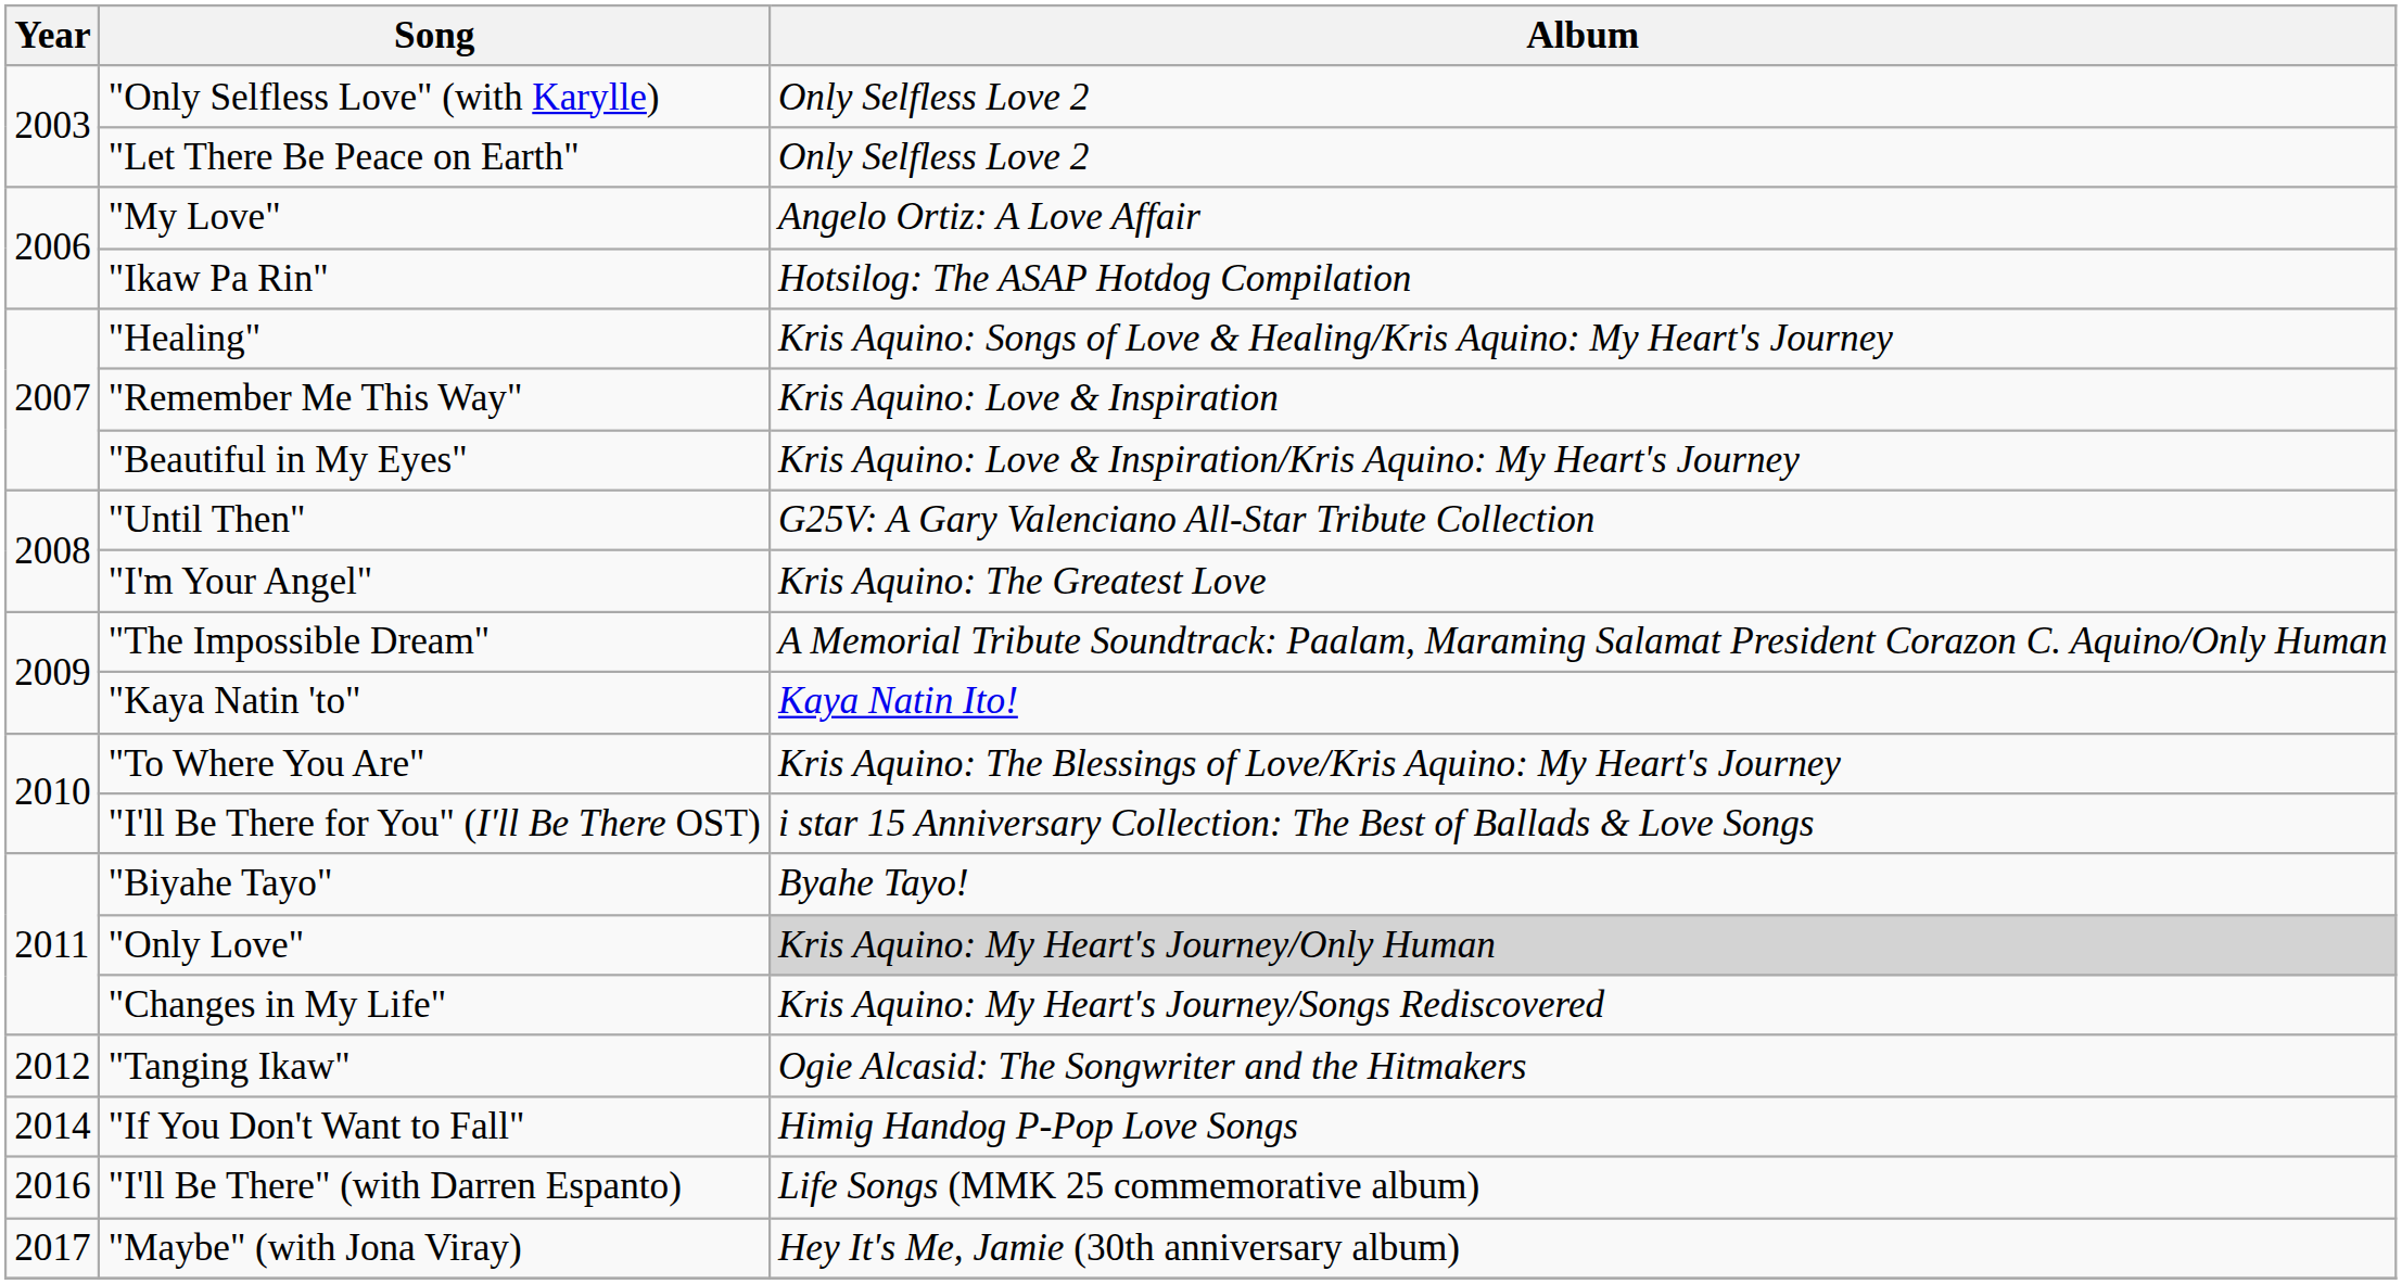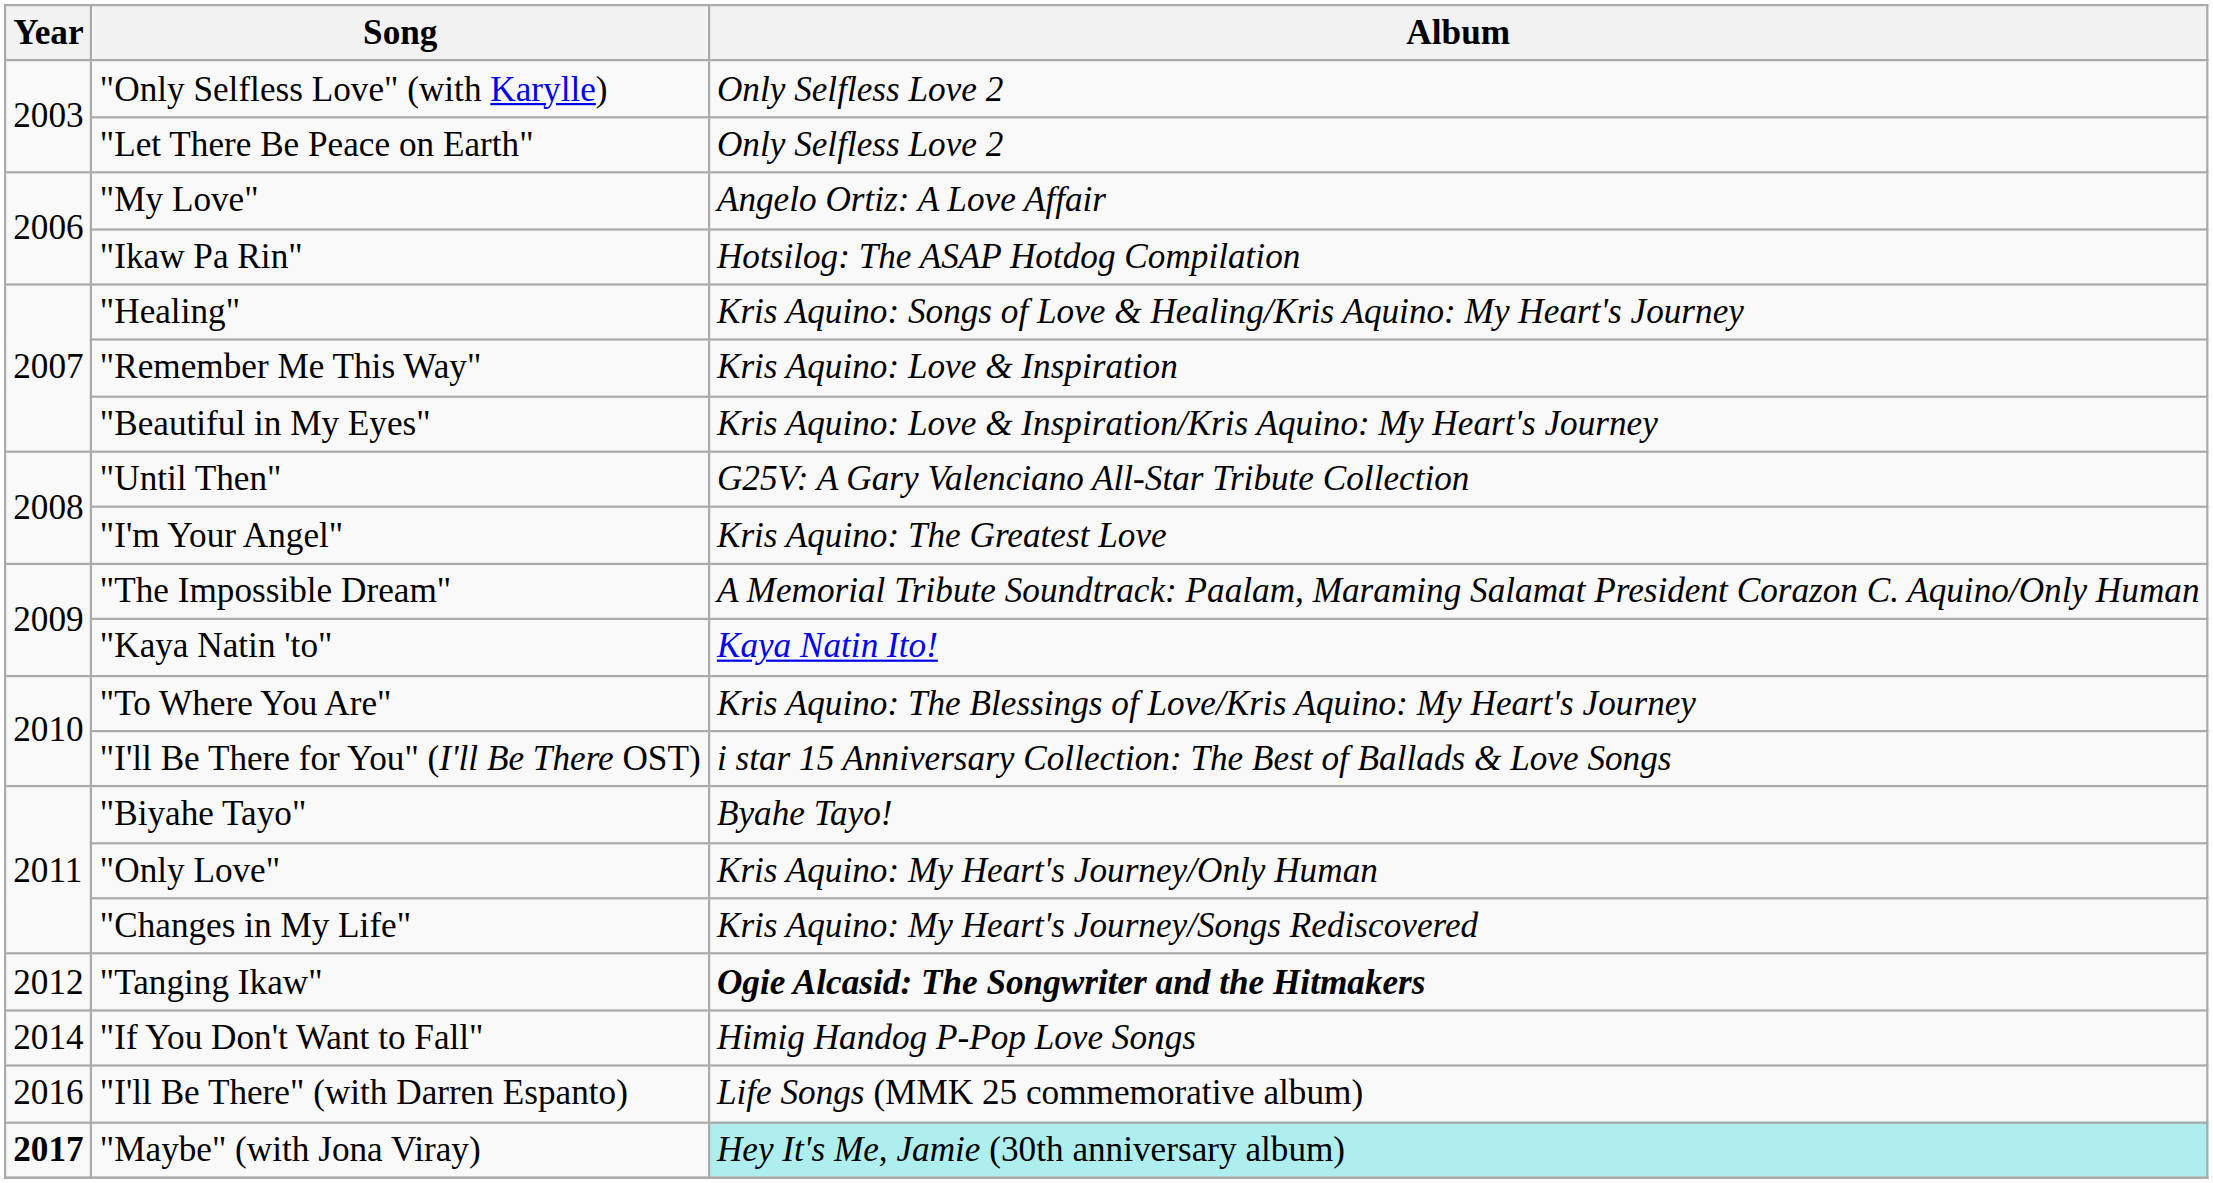 <table class="wikitable">
 <tr>
 <th>Year</th>
 <th>Song</th>
 <th>Album</th>
 </tr>
 <tr>
 <td rowspan=2>2003</td>
 <td>"Only Selfless Love" (with <a href='#'>Karylle</a>)</td>
 <td><em>Only Selfless Love 2</em></td>
 </tr>
 <tr>
 <td>"Let There Be Peace on Earth"</td>
 <td><em>Only Selfless Love 2</em></td>
 </tr>
 <tr>
 <td rowspan=2>2006</td>
 <td>"My Love"</td>
 <td><em>Angelo Ortiz: A Love Affair</em></td>
 </tr>
 <tr>
 <td>"Ikaw Pa Rin"</td>
 <td><em>Hotsilog: The ASAP Hotdog Compilation</em></td>
 </tr>
 <tr>
 <td rowspan=3>2007</td>
 <td>"Healing"</td>
 <td><em>Kris Aquino: Songs of Love & Healing/Kris Aquino: My Heart's Journey</em></td>
 </tr>
 <tr>
 <td>"Remember Me This Way"</td>
 <td><em>Kris Aquino: Love & Inspiration</em></td>
 </tr>
 <tr>
 <td>"Beautiful in My Eyes"</td>
 <td><em>Kris Aquino: Love & Inspiration/Kris Aquino: My Heart's Journey</em></td>
 </tr>
 <tr>
 <td rowspan=2>2008</td>
 <td>"Until Then"</td>
 <td><em>G25V: A Gary Valenciano All-Star Tribute Collection</em></td>
 </tr>
 <tr>
 <td>"I'm Your Angel"</td>
 <td><em>Kris Aquino: The Greatest Love</em></td>
 </tr>
 <tr>
 <td rowspan=2>2009</td>
 <td>"The Impossible Dream"</td>
 <td><em>A Memorial Tribute Soundtrack: Paalam, Maraming Salamat President Corazon C. Aquino/Only Human</em></td>
 </tr>
 <tr>
 <td>"Kaya Natin 'to"</td>
 <td><em><a href='#'>Kaya Natin Ito!</a></em></td>
 </tr>
 <tr>
 <td rowspan=2>2010</td>
 <td>"To Where You Are"</td>
 <td><em>Kris Aquino: The Blessings of Love/Kris Aquino: My Heart's Journey</em></td>
 </tr>
 <tr>
 <td>"I'll Be There for You" (<em>I'll Be There</em> OST)</td>
 <td><em>i star 15 Anniversary Collection: The Best of Ballads & Love Songs</em></td>
 </tr>
 <tr>
 <td rowspan=3>2011</td>
 <td>"Biyahe Tayo"</td>
 <td><em>Byahe Tayo!</em></td>
 </tr>
 <tr>
 <td>"Only Love"</td>
-<td style="background: lightgrey;"><em>Kris Aquino: My Heart's Journey/Only Human</em></td>
+<td><em>Kris Aquino: My Heart's Journey/Only Human</em></td>
 </tr>
 <tr>
 <td>"Changes in My Life"</td>
 <td><em>Kris Aquino: My Heart's Journey/Songs Rediscovered</em></td>
 </tr>
 <tr>
 <td>2012</td>
 <td>"Tanging Ikaw"</td>
-<td><em>Ogie Alcasid: The Songwriter and the Hitmakers</em></td>
+<td><strong><em>Ogie Alcasid: The Songwriter and the Hitmakers</em></strong></td>
 </tr>
 <tr>
 <td>2014</td>
 <td>"If You Don't Want to Fall"</td>
 <td><em>Himig Handog P-Pop Love Songs</em></td>
 </tr>
 <tr>
 <td>2016</td>
 <td>"I'll Be There" (with Darren Espanto)</td>
 <td><em>Life Songs</em> (MMK 25 commemorative album)</td>
 </tr>
 <tr>
-<td>2017</td>
+<td><strong>2017</strong></td>
 <td>"Maybe" (with Jona Viray)</td>
-<td><em>Hey It's Me, Jamie</em> (30th anniversary album)</td>
+<td style="background: paleturquoise;"><em>Hey It's Me, Jamie</em> (30th anniversary album)</td>
 </tr>
 <tr>
 </tr>
 </table>
